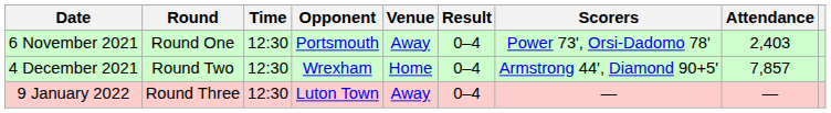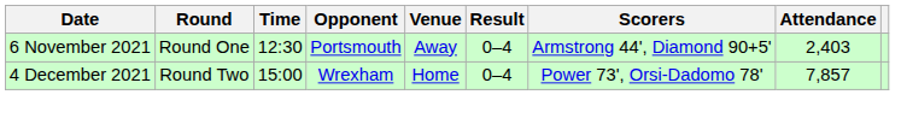 <table class="wikitable sortable" style="text-align:center">
 <tr>
 <th>Date</th>
 <th>Round</th>
 <th>Time</th>
 <th>Opponent</th>
 <th>Venue</th>
 <th>Result</th>
 <th class="unsortable">Scorers</th>
 <th>Attendance</th>
 <th class="unsortable"></th>
 </tr>
 <tr bgcolor="#ccffcc">
 <td>6 November 2021</td>
 <td>Round One</td>
 <td>12:30</td>
 <td><a href='#'>Portsmouth</a></td>
 <td><a href='#'>Away</a></td>
 <td>0–4</td>
-<td><a href='#'>Power</a> 73', <a href='#'>Orsi-Dadomo</a> 78'</td>
+<td><a href='#'>Armstrong</a> 44', <a href='#'>Diamond</a> 90+5'</td>
 <td>2,403</td>
 <td></td>
 </tr>
 <tr bgcolor="#ccffcc">
 <td>4 December 2021</td>
 <td>Round Two</td>
-<td>12:30</td>
+<td>15:00</td>
 <td><a href='#'>Wrexham</a></td>
 <td><a href='#'>Home</a></td>
 <td>0–4</td>
-<td><a href='#'>Armstrong</a> 44', <a href='#'>Diamond</a> 90+5'</td>
+<td><a href='#'>Power</a> 73', <a href='#'>Orsi-Dadomo</a> 78'</td>
 <td>7,857</td>
 <td></td>
 </tr>
-<tr bgcolor="#ffcccc">
-<td>9 January 2022</td>
-<td>Round Three</td>
-<td>12:30</td>
-<td><a href='#'>Luton Town</a></td>
-<td><a href='#'>Away</a></td>
-<td>0–4</td>
-<td>—</td>
-<td>—</td>
-<td></td>
-</tr>
 </table>
